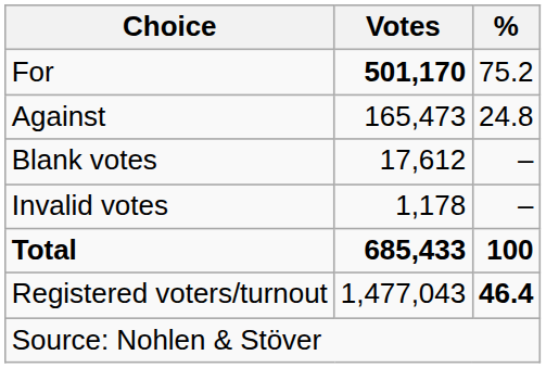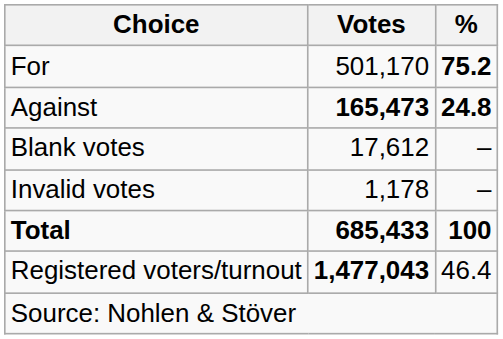 <table class=wikitable style=text-align:right>
 <tr>
 <th>Choice</th>
 <th>Votes</th>
 <th>%</th>
 </tr>
 <tr>
 <td align=left>For</td>
-<td><strong>501,170</strong></td>
-<td>75.2</td>
+<td>501,170</td>
+<td><strong>75.2</strong></td>
 </tr>
 <tr>
 <td align=left>Against</td>
-<td>165,473</td>
-<td>24.8</td>
+<td><strong>165,473</strong></td>
+<td><strong>24.8</strong></td>
 </tr>
 <tr>
 <td align=left>Blank votes</td>
 <td>17,612</td>
 <td>–</td>
 </tr>
 <tr>
 <td align=left>Invalid votes</td>
 <td>1,178</td>
 <td>–</td>
 </tr>
 <tr>
 <td align=left><strong>Total</strong></td>
 <td><strong>685,433</strong></td>
 <td><strong>100</strong></td>
 </tr>
 <tr>
 <td align=left>Registered voters/turnout</td>
-<td>1,477,043</td>
-<td><strong>46.4</strong></td>
+<td><strong>1,477,043</strong></td>
+<td>46.4</td>
 </tr>
 <tr>
 <td align=left colspan=6>Source: Nohlen & Stöver</td>
 </tr>
 </table>
